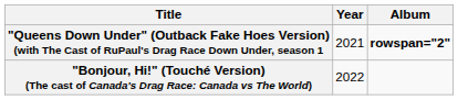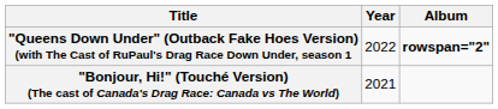 <table class="wikitable plainrowheaders" style="text-align:center;">
 <tr>
 <th scope="col">Title</th>
 <th scope="col">Year</th>
 <th scope="col">Album</th>
 </tr>
 <tr>
 <th scope="row">"Queens Down Under" (Outback Fake Hoes Version) <br> <small>(with The Cast of RuPaul's Drag Race Down Under, season 1</small></th>
-<td>2021</td>
+<td>2022</td>
 <td><strong>rowspan="2" </strong></td>
 </tr>
 <tr>
 <th scope="row">"Bonjour, Hi!" (Touché Version) <br> <small>(The cast of <em>Canada's Drag Race: Canada vs The World</em>)</small></th>
-<td>2022</td>
+<td>2021</td>
 </tr>
 </table>
